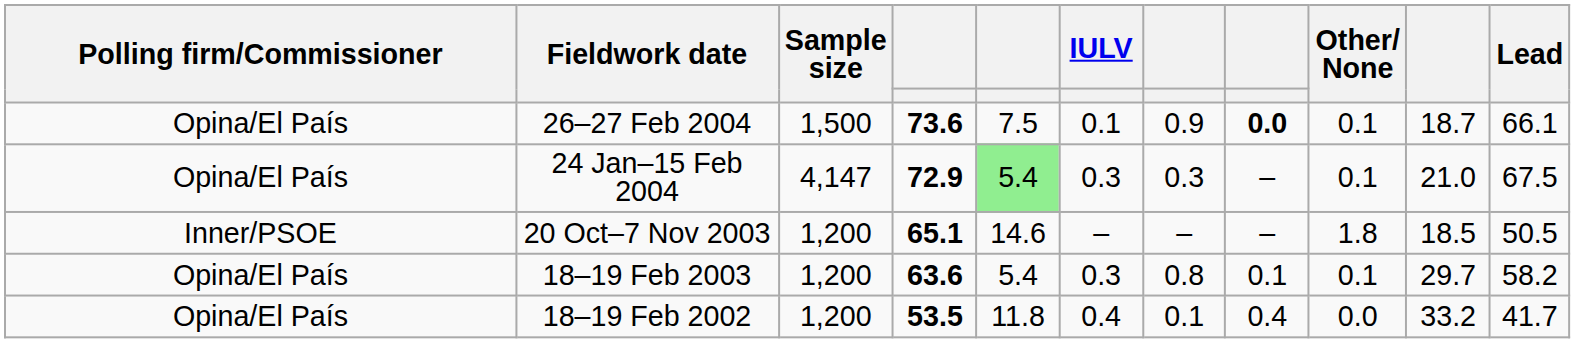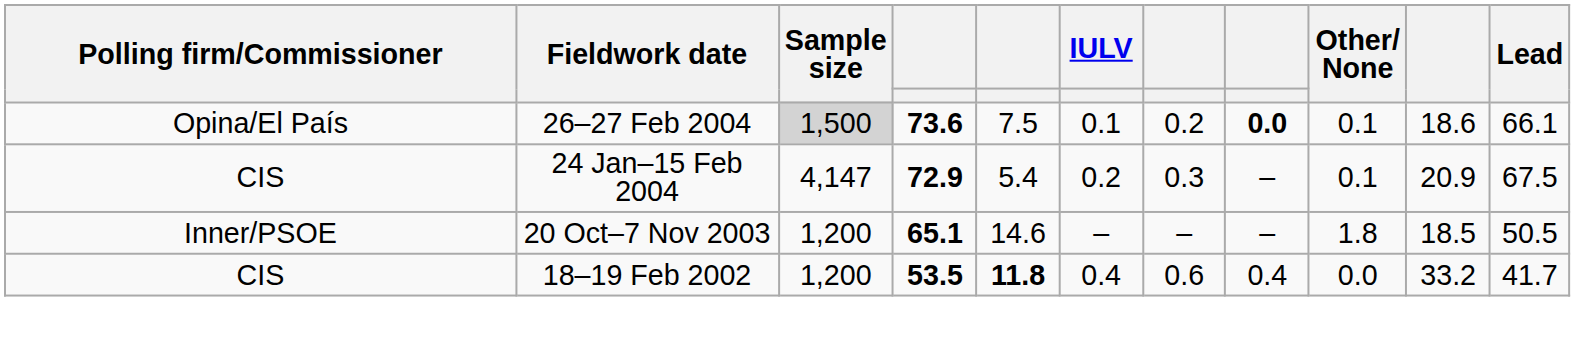 <table class="wikitable collapsible collapsed" style="text-align:center; font-size:90%; line-height:14px;">
 <tr style="height:42px;">
 <th style="width:250px;" rowspan="2">Polling firm/Commissioner</th>
 <th style="width:125px;" rowspan="2">Fieldwork date</th>
 <th style="width:50px;" rowspan="2">Sample size</th>
 <th style="width:35px;"></th>
 <th style="width:35px;"></th>
 <th style="width:35px;"><a href='#'>IULV</a></th>
 <th style="width:35px;"></th>
 <th style="width:35px;"></th>
 <th style="width:35px;" rowspan="2">Other/<br>None</th>
 <th style="width:35px;" rowspan="2"></th>
 <th style="width:30px;" rowspan="2">Lead</th>
 </tr>
 <tr>
 <th style="color:inherit;background:"></th>
 <th style="color:inherit;background:"></th>
 <th style="color:inherit;background:"></th>
 <th style="color:inherit;background:"></th>
 <th style="color:inherit;background:"></th>
 </tr>
 <tr>
 <td>Opina/El País</td>
 <td>26–27 Feb 2004</td>
-<td>1,500</td>
+<td style="background: lightgrey;">1,500</td>
 <td><strong>73.6</strong></td>
 <td>7.5</td>
 <td>0.1</td>
-<td>0.9</td>
+<td>0.2</td>
 <td><strong>0.0</strong></td>
 <td>0.1</td>
-<td>18.7</td>
+<td>18.6</td>
 <td style="background:">66.1</td>
 </tr>
 <tr>
-<td>Opina/El País</td>
+<td>CIS</td>
 <td>24 Jan–15 Feb 2004</td>
 <td>4,147</td>
 <td><strong>72.9</strong></td>
-<td style="background: lightgreen;">5.4</td>
-<td>0.3</td>
+<td>5.4</td>
+<td>0.2</td>
 <td>0.3</td>
 <td>–</td>
 <td>0.1</td>
-<td>21.0</td>
+<td>20.9</td>
 <td style="background:">67.5</td>
 </tr>
 <tr>
 <td>Inner/PSOE</td>
 <td>20 Oct–7 Nov 2003</td>
 <td>1,200</td>
 <td><strong>65.1</strong></td>
 <td>14.6</td>
 <td>–</td>
 <td>–</td>
 <td>–</td>
 <td>1.8</td>
 <td>18.5</td>
 <td style="background:">50.5</td>
 </tr>
 <tr>
-<td>Opina/El País</td>
-<td>18–19 Feb 2003</td>
-<td>1,200</td>
-<td><strong>63.6</strong></td>
-<td>5.4</td>
-<td>0.3</td>
-<td>0.8</td>
-<td>0.1</td>
-<td>0.1</td>
-<td>29.7</td>
-<td style="background:">58.2</td>
-</tr>
-<tr>
-<td>Opina/El País</td>
+<td>CIS</td>
 <td>18–19 Feb 2002</td>
 <td>1,200</td>
 <td><strong>53.5</strong></td>
-<td>11.8</td>
+<td><strong>11.8</strong></td>
 <td>0.4</td>
-<td>0.1</td>
+<td>0.6</td>
 <td>0.4</td>
 <td>0.0</td>
 <td>33.2</td>
 <td style="background:">41.7</td>
 </tr>
 </table>
